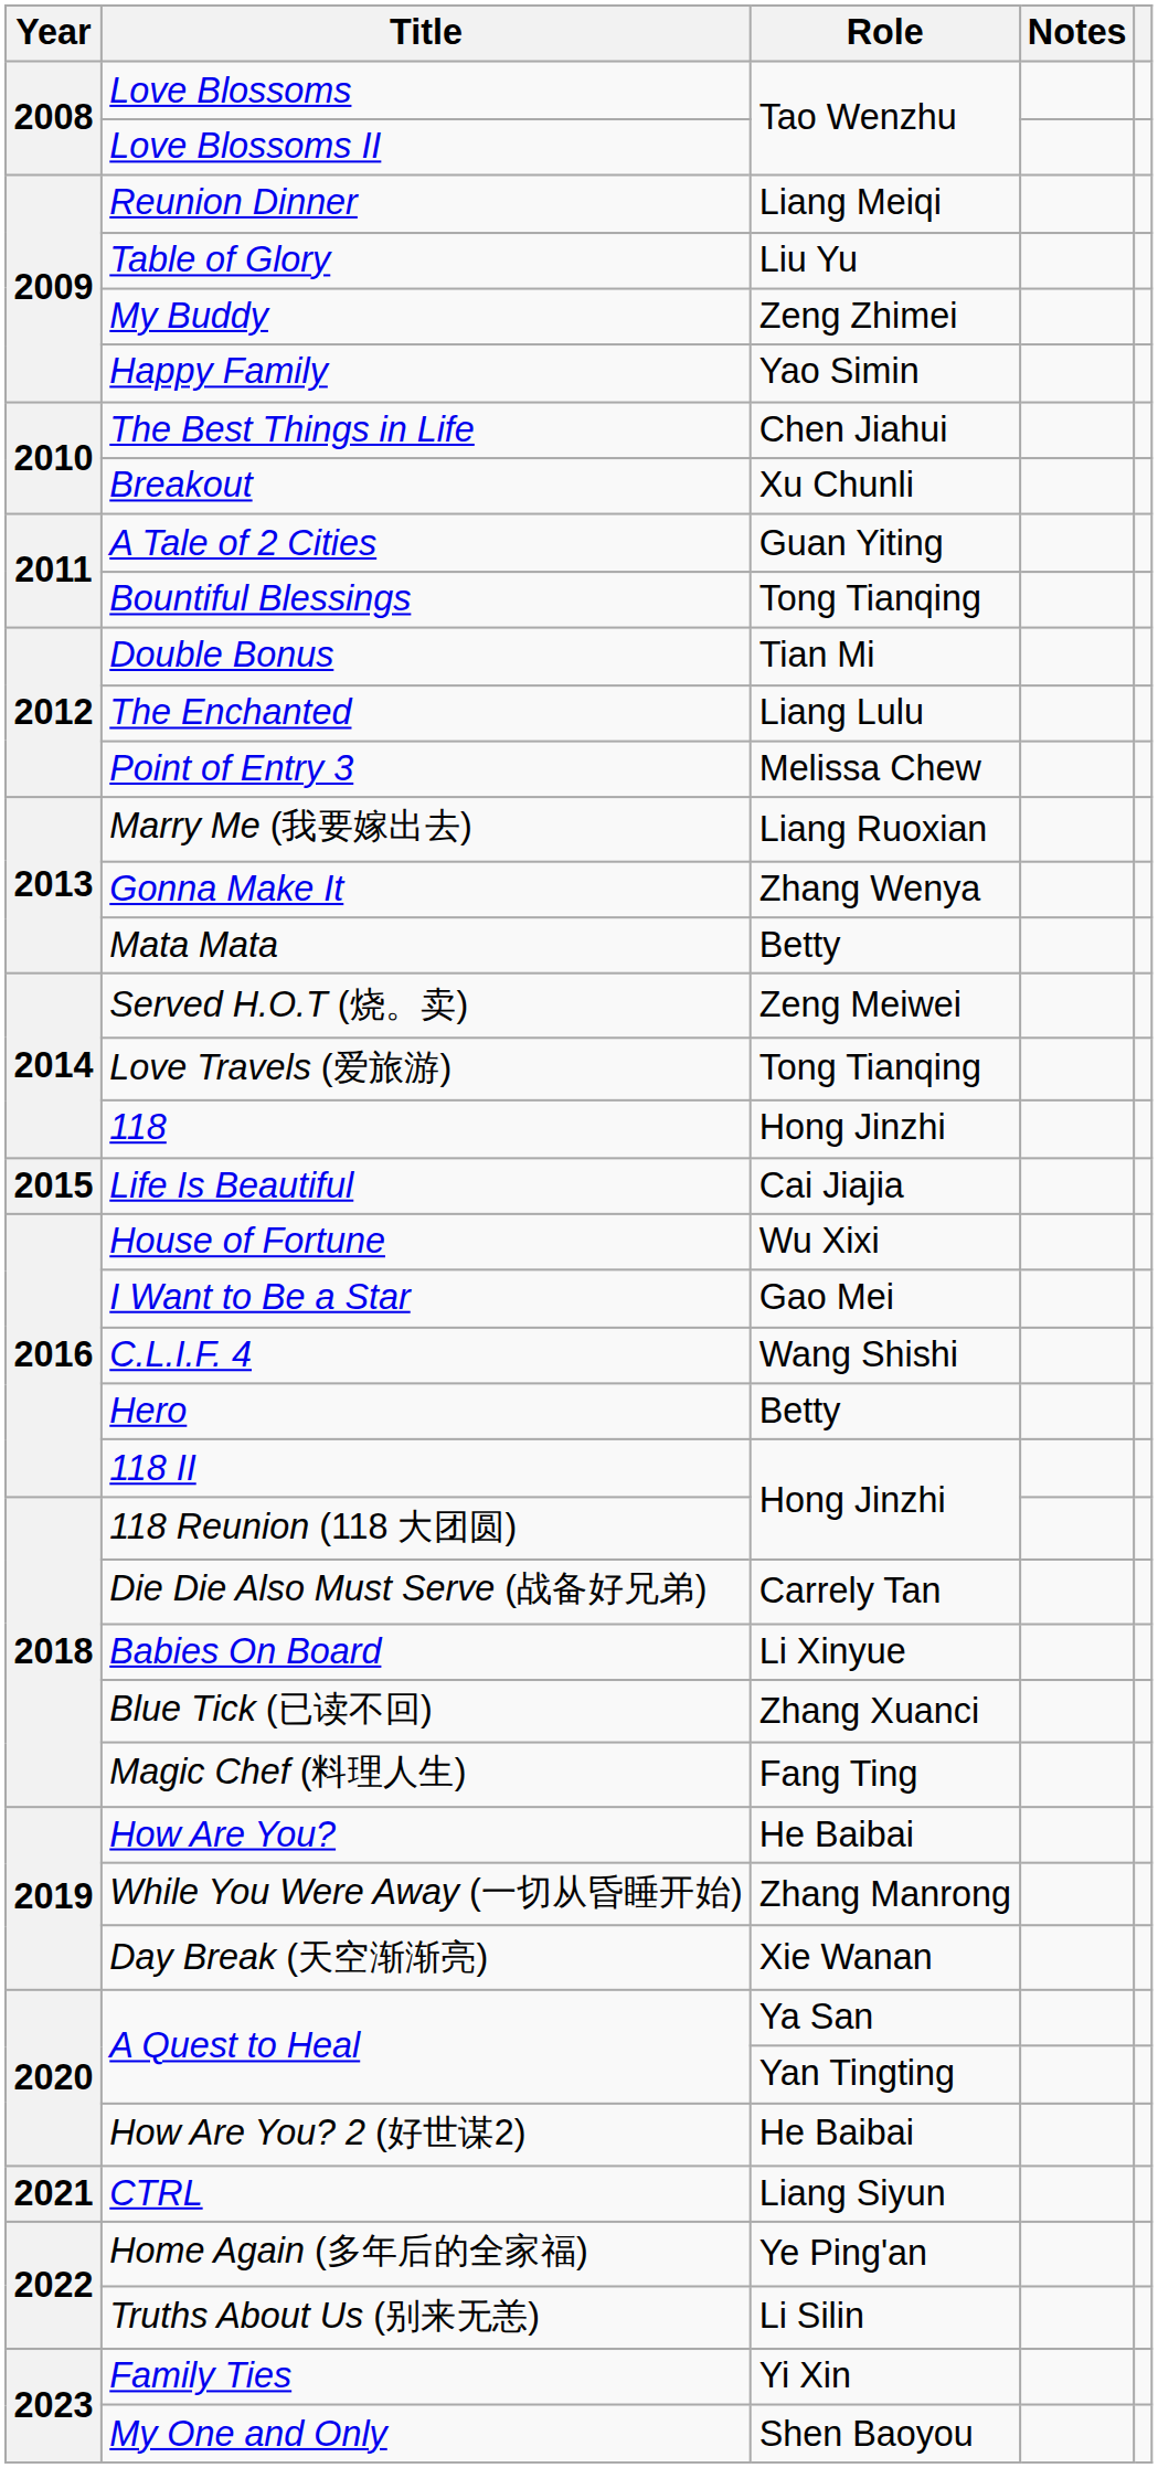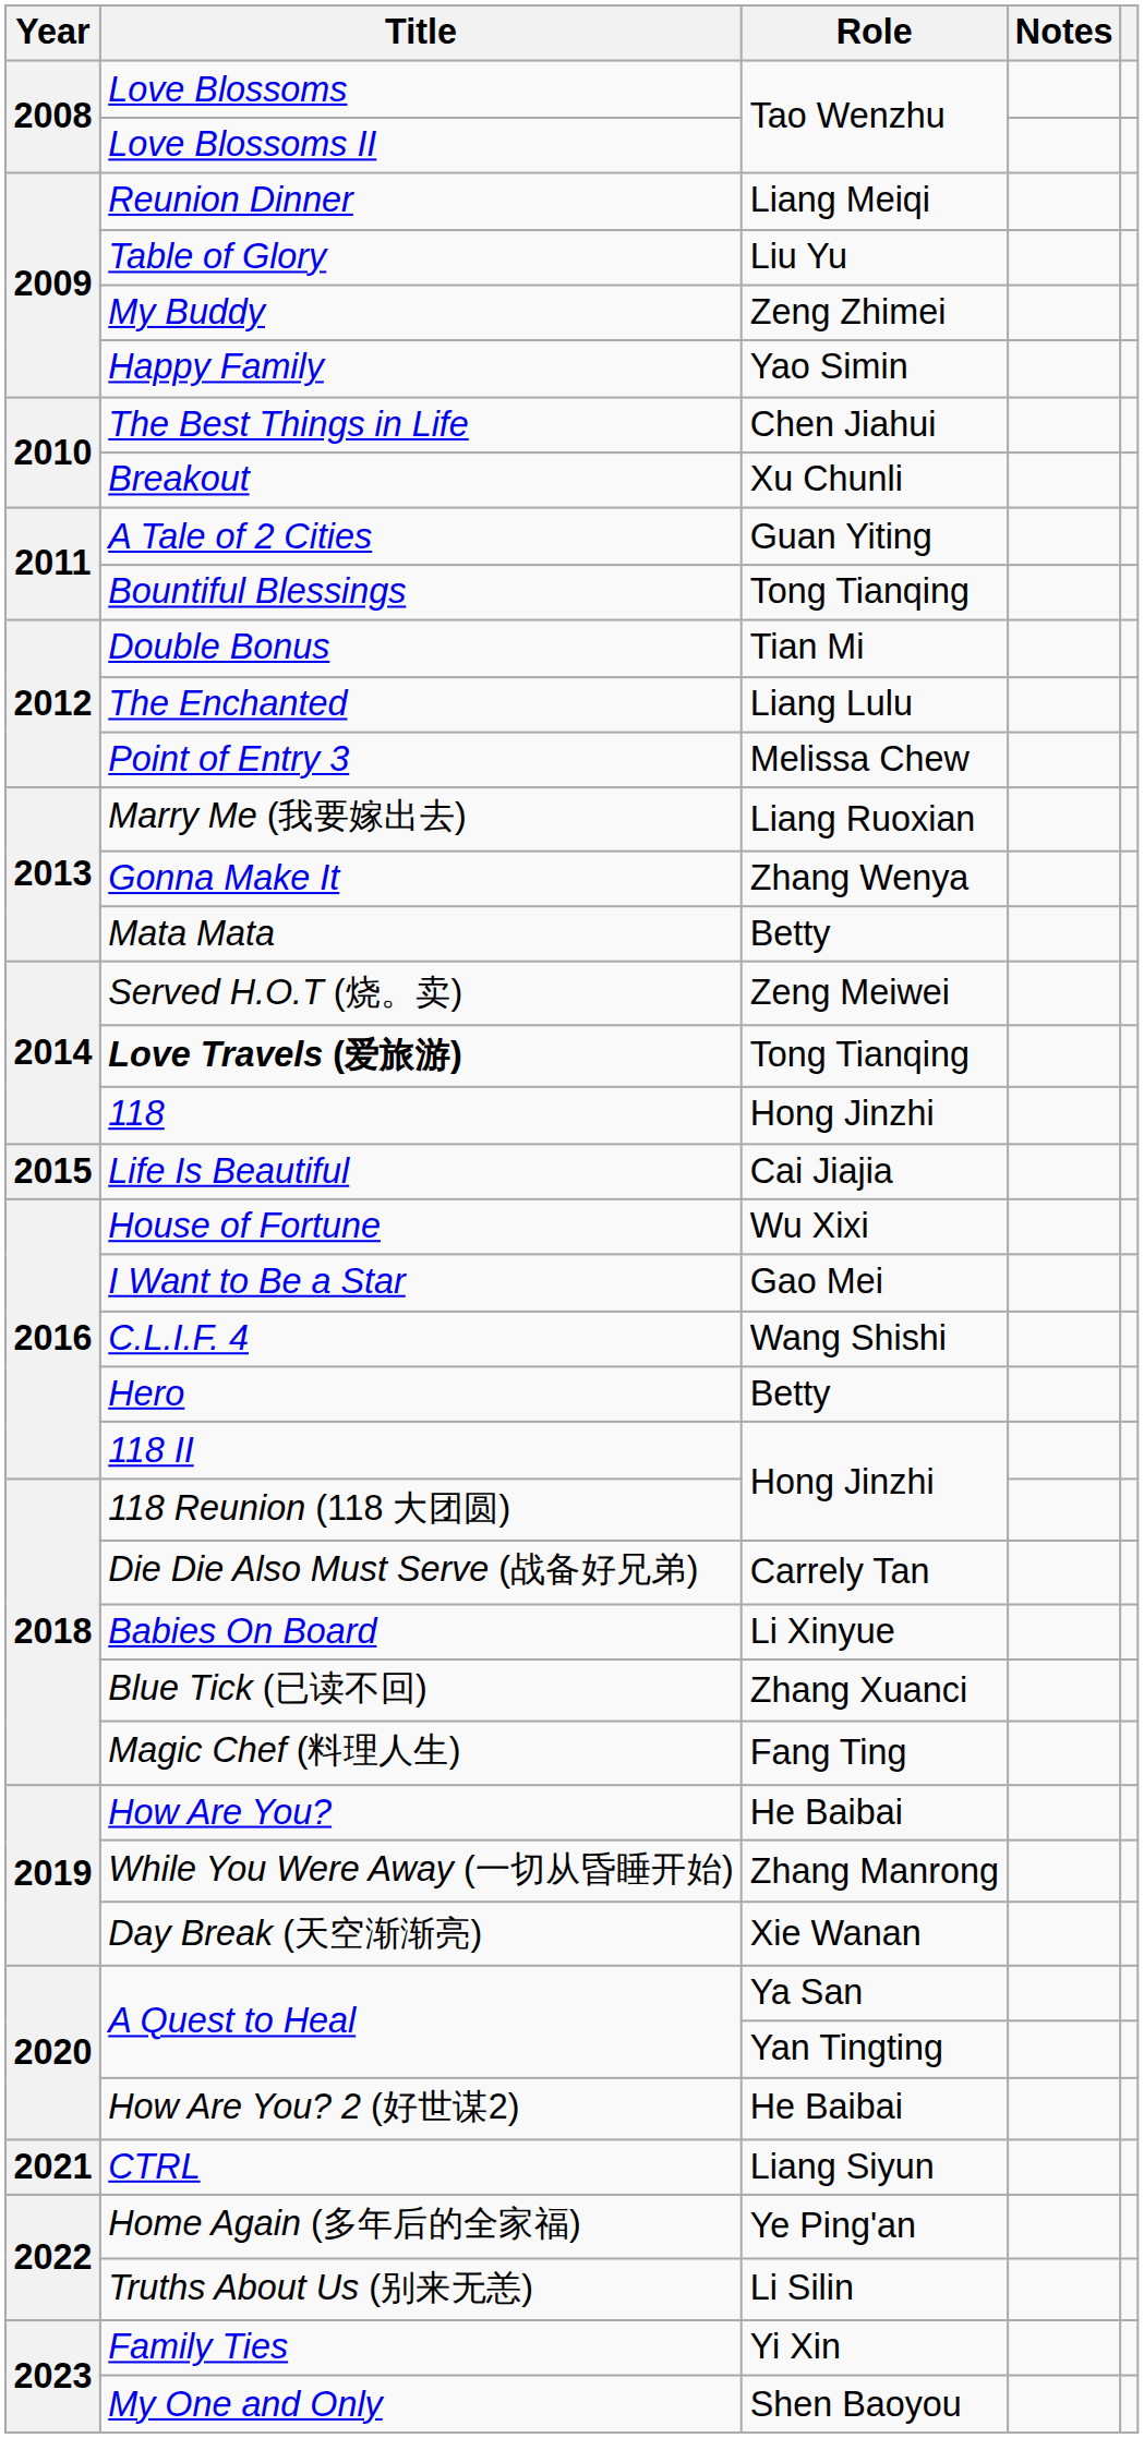 <table class="wikitable sortable plainrowheaders">
 <tr>
 <th scope="col">Year</th>
 <th scope="col">Title</th>
 <th scope="col">Role</th>
 <th scope="col" class="unsortable">Notes</th>
 <th scope="col" class="unsortable"></th>
 </tr>
 <tr>
 <th scope="row" rowspan="2">2008</th>
 <td><em><a href='#'>Love Blossoms</a></em></td>
 <td rowspan="2">Tao Wenzhu</td>
 <td></td>
 <td></td>
 </tr>
 <tr>
 <td><em><a href='#'>Love Blossoms II</a></em></td>
 <td></td>
 <td></td>
 </tr>
 <tr>
 <th scope="row" rowspan="4">2009</th>
 <td><em><a href='#'>Reunion Dinner</a></em></td>
 <td>Liang Meiqi</td>
 <td></td>
 <td></td>
 </tr>
 <tr>
 <td><em><a href='#'>Table of Glory</a></em></td>
 <td>Liu Yu</td>
 <td></td>
 <td></td>
 </tr>
 <tr>
 <td><em><a href='#'>My Buddy</a></em></td>
 <td>Zeng Zhimei</td>
 <td></td>
 <td></td>
 </tr>
 <tr>
 <td><em><a href='#'>Happy Family</a></em></td>
 <td>Yao Simin</td>
 <td></td>
 <td></td>
 </tr>
 <tr>
 <th scope="row" rowspan="2">2010</th>
 <td><em><a href='#'>The Best Things in Life</a></em></td>
 <td>Chen Jiahui</td>
 <td></td>
 <td></td>
 </tr>
 <tr>
 <td><em><a href='#'>Breakout</a></em></td>
 <td>Xu Chunli</td>
 <td></td>
 <td></td>
 </tr>
 <tr>
 <th scope="row" rowspan="2">2011</th>
 <td><em><a href='#'>A Tale of 2 Cities</a></em></td>
 <td>Guan Yiting</td>
 <td></td>
 <td></td>
 </tr>
 <tr>
 <td><em><a href='#'>Bountiful Blessings</a></em></td>
 <td>Tong Tianqing</td>
 <td></td>
 <td></td>
 </tr>
 <tr>
 <th scope="row" rowspan="3">2012</th>
 <td><em><a href='#'>Double Bonus</a></em></td>
 <td>Tian Mi</td>
 <td></td>
 <td></td>
 </tr>
 <tr>
 <td><em><a href='#'>The Enchanted</a></em></td>
 <td>Liang Lulu</td>
 <td></td>
 <td></td>
 </tr>
 <tr>
 <td><em><a href='#'>Point of Entry 3</a></em></td>
 <td>Melissa Chew</td>
 <td></td>
 <td></td>
 </tr>
 <tr>
 <th scope="row" rowspan="3">2013</th>
 <td><em>Marry Me</em> (我要嫁出去)</td>
 <td>Liang Ruoxian</td>
 <td></td>
 <td></td>
 </tr>
 <tr>
 <td><em><a href='#'>Gonna Make It</a></em></td>
 <td>Zhang Wenya</td>
 <td></td>
 <td></td>
 </tr>
 <tr>
 <td><em>Mata Mata</em></td>
 <td>Betty</td>
 <td></td>
 <td></td>
 </tr>
 <tr>
 <th scope="row" rowspan="3">2014</th>
 <td><em>Served H.O.T</em>  (烧。卖)</td>
 <td>Zeng Meiwei</td>
 <td></td>
 <td></td>
 </tr>
 <tr>
-<td><em>Love Travels</em>  (爱旅游)</td>
+<td><strong><em>Love Travels</em>  (爱旅游)</strong></td>
 <td>Tong Tianqing</td>
 <td></td>
 <td></td>
 </tr>
 <tr>
 <td><em><a href='#'>118</a></em></td>
 <td>Hong Jinzhi</td>
 <td></td>
 <td></td>
 </tr>
 <tr>
 <th scope="row" rowspan="1">2015</th>
 <td><em><a href='#'>Life Is Beautiful</a></em></td>
 <td>Cai Jiajia</td>
 <td></td>
 <td></td>
 </tr>
 <tr>
 <th scope="row" rowspan="5">2016</th>
 <td><em><a href='#'>House of Fortune</a></em></td>
 <td>Wu Xixi</td>
 <td></td>
 <td></td>
 </tr>
 <tr>
 <td><em><a href='#'>I Want to Be a Star</a></em></td>
 <td>Gao Mei</td>
 <td></td>
 <td></td>
 </tr>
 <tr>
 <td><em><a href='#'>C.L.I.F. 4</a></em></td>
 <td>Wang Shishi</td>
 <td></td>
 <td></td>
 </tr>
 <tr>
 <td><em><a href='#'>Hero</a></em></td>
 <td>Betty</td>
 <td></td>
 <td></td>
 </tr>
 <tr>
 <td><em><a href='#'>118 II</a></em></td>
 <td rowspan="2">Hong Jinzhi</td>
 <td></td>
 <td></td>
 </tr>
 <tr>
 <th scope="row" rowspan="5">2018</th>
 <td><em>118 Reunion</em> (118 大团圆)</td>
 <td></td>
 <td></td>
 </tr>
 <tr>
 <td><em>Die Die Also Must Serve</em> (战备好兄弟)</td>
 <td>Carrely Tan</td>
 <td></td>
 <td></td>
 </tr>
 <tr>
 <td><em><a href='#'>Babies On Board</a></em></td>
 <td>Li Xinyue</td>
 <td></td>
 <td></td>
 </tr>
 <tr>
 <td><em>Blue Tick</em> (已读不回)</td>
 <td>Zhang Xuanci</td>
 <td></td>
 <td></td>
 </tr>
 <tr>
 <td><em>Magic Chef</em> (料理人生)</td>
 <td>Fang Ting</td>
 <td></td>
 <td></td>
 </tr>
 <tr>
 <th scope="row" rowspan="3">2019</th>
 <td><em><a href='#'>How Are You?</a></em></td>
 <td>He Baibai</td>
 <td></td>
 <td></td>
 </tr>
 <tr>
 <td><em>While You Were Away</em> (一切从昏睡开始)</td>
 <td>Zhang Manrong</td>
 <td></td>
 <td></td>
 </tr>
 <tr>
 <td><em>Day Break</em> (天空渐渐亮)</td>
 <td>Xie Wanan</td>
 <td></td>
 <td></td>
 </tr>
 <tr>
 <th scope="row" rowspan="3">2020</th>
 <td rowspan="2"><em><a href='#'>A Quest to Heal</a></em></td>
 <td>Ya San</td>
 <td></td>
 <td></td>
 </tr>
 <tr>
 <td>Yan Tingting</td>
 <td></td>
 <td></td>
 </tr>
 <tr>
 <td><em>How Are You? 2</em> (好世谋2)</td>
 <td>He Baibai</td>
 <td></td>
 <td></td>
 </tr>
 <tr>
 <th scope="row">2021</th>
 <td><em><a href='#'>CTRL</a></em></td>
 <td>Liang Siyun</td>
 <td></td>
 <td></td>
 </tr>
 <tr>
 <th scope="row" rowspan="2">2022</th>
 <td><em>Home Again</em> (多年后的全家福)</td>
 <td>Ye Ping'an</td>
 <td></td>
 <td></td>
 </tr>
 <tr>
 <td><em>Truths About Us</em> (别来无恙)</td>
 <td>Li Silin</td>
 <td></td>
 <td></td>
 </tr>
 <tr>
 <th scope="row" rowspan="2">2023</th>
 <td><em><a href='#'>Family Ties</a></em></td>
 <td>Yi Xin</td>
 <td></td>
 <td></td>
 </tr>
 <tr>
 <td><em><a href='#'>My One and Only</a></em></td>
 <td>Shen Baoyou</td>
 <td></td>
 <td></td>
 </tr>
 </table>
